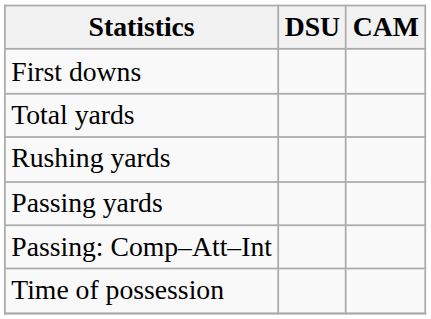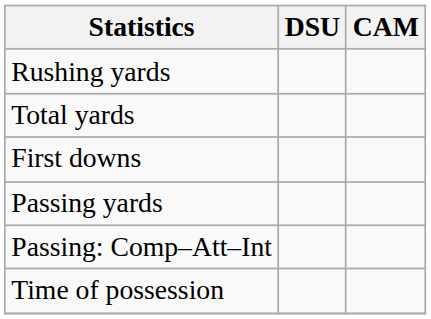 <table class="wikitable" style="float: left;">
 <tr>
 <th>Statistics</th>
 <th>DSU</th>
 <th>CAM</th>
 </tr>
 <tr>
-<td>First downs</td>
+<td>Rushing yards</td>
 <td></td>
 <td></td>
 </tr>
 <tr>
 <td>Total yards</td>
 <td></td>
 <td></td>
 </tr>
 <tr>
-<td>Rushing yards</td>
+<td>First downs</td>
 <td></td>
 <td></td>
 </tr>
 <tr>
 <td>Passing yards</td>
 <td></td>
 <td></td>
 </tr>
 <tr>
 <td>Passing: Comp–Att–Int</td>
 <td></td>
 <td></td>
 </tr>
 <tr>
 <td>Time of possession</td>
 <td></td>
 <td></td>
 </tr>
 <tr>
 </tr>
 </table>
